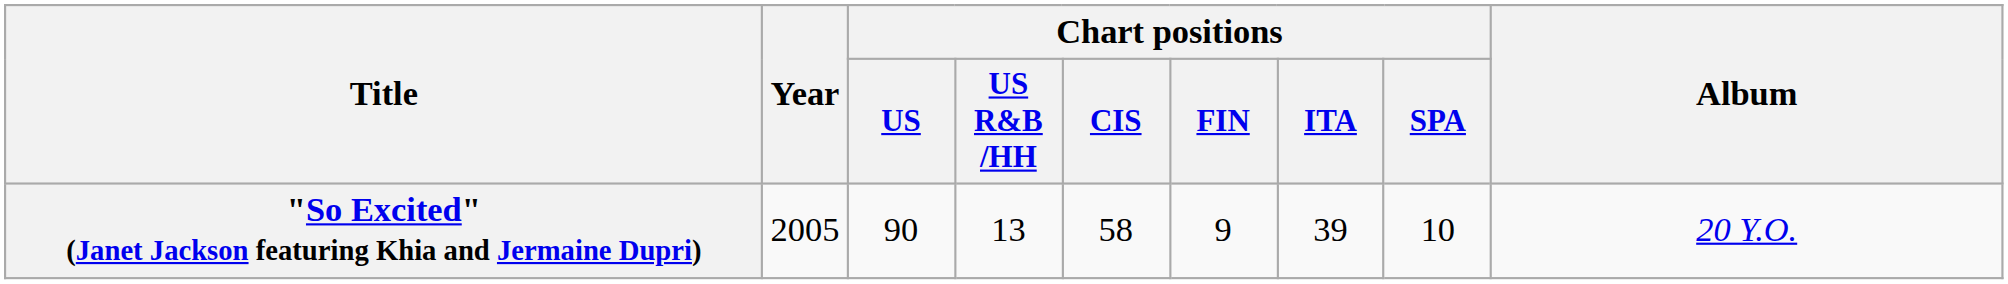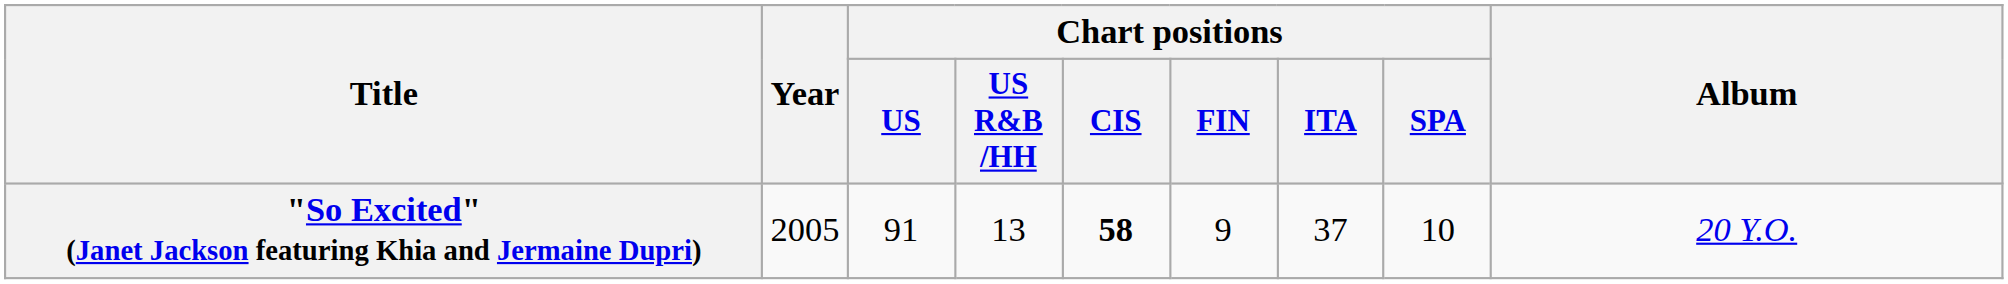 <table class="wikitable plainrowheaders" style="text-align:center;">
 <tr>
 <th style="width:345px;" rowspan="2">Title</th>
 <th rowspan="2">Year</th>
 <th colspan="6">Chart positions</th>
 <th style="width:230px;" rowspan="2">Album</th>
 </tr>
 <tr>
 <th scope="col" style="width:3em;font-size:90%;"><a href='#'>US</a><br></th>
 <th scope="col" style="width:3em;font-size:90%;"><a href='#'>US R&B<br>/HH</a><br></th>
 <th scope="col" style="width:3em;font-size:90%;"><a href='#'>CIS</a><br></th>
 <th scope="col" style="width:3em;font-size:90%;"><a href='#'>FIN</a><br></th>
 <th scope="col" style="width:3em;font-size:90%;"><a href='#'>ITA</a><br></th>
 <th scope="col" style="width:3em;font-size:90%;"><a href='#'>SPA</a><br></th>
 </tr>
 <tr>
 <th scope="row">"<a href='#'>So Excited</a>"<br><small>(<a href='#'>Janet Jackson</a> featuring Khia and <a href='#'>Jermaine Dupri</a>)</small></th>
 <td>2005</td>
-<td>90</td>
+<td>91</td>
 <td>13</td>
-<td>58</td>
+<td><strong>58</strong></td>
 <td>9</td>
-<td>39</td>
+<td>37</td>
 <td>10</td>
 <td><em><a href='#'>20 Y.O.</a></em></td>
 </tr>
 </table>
